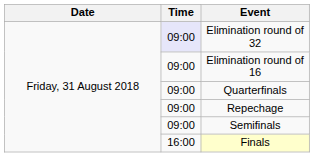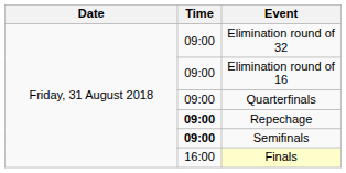 <table class = "wikitable" style="text-align:center;">
 <tr>
 <th width=220>Date</th>
 <th width=50>Time</th>
 <th width=150>Event</th>
 </tr>
 <tr>
 <td rowspan=6>Friday, 31 August 2018</td>
-<td style="background: lavender;">09:00</td>
+<td>09:00</td>
 <td>Elimination round of 32</td>
 </tr>
 <tr>
 <td>09:00</td>
 <td>Elimination round of 16</td>
 </tr>
 <tr>
 <td>09:00</td>
 <td>Quarterfinals</td>
 </tr>
 <tr>
-<td>09:00</td>
+<td><strong>09:00</strong></td>
 <td>Repechage</td>
 </tr>
 <tr>
-<td>09:00</td>
+<td><strong>09:00</strong></td>
 <td>Semifinals</td>
 </tr>
 <tr>
 <td>16:00</td>
 <td bgcolor=ffffcc>Finals</td>
 </tr>
 </table>
